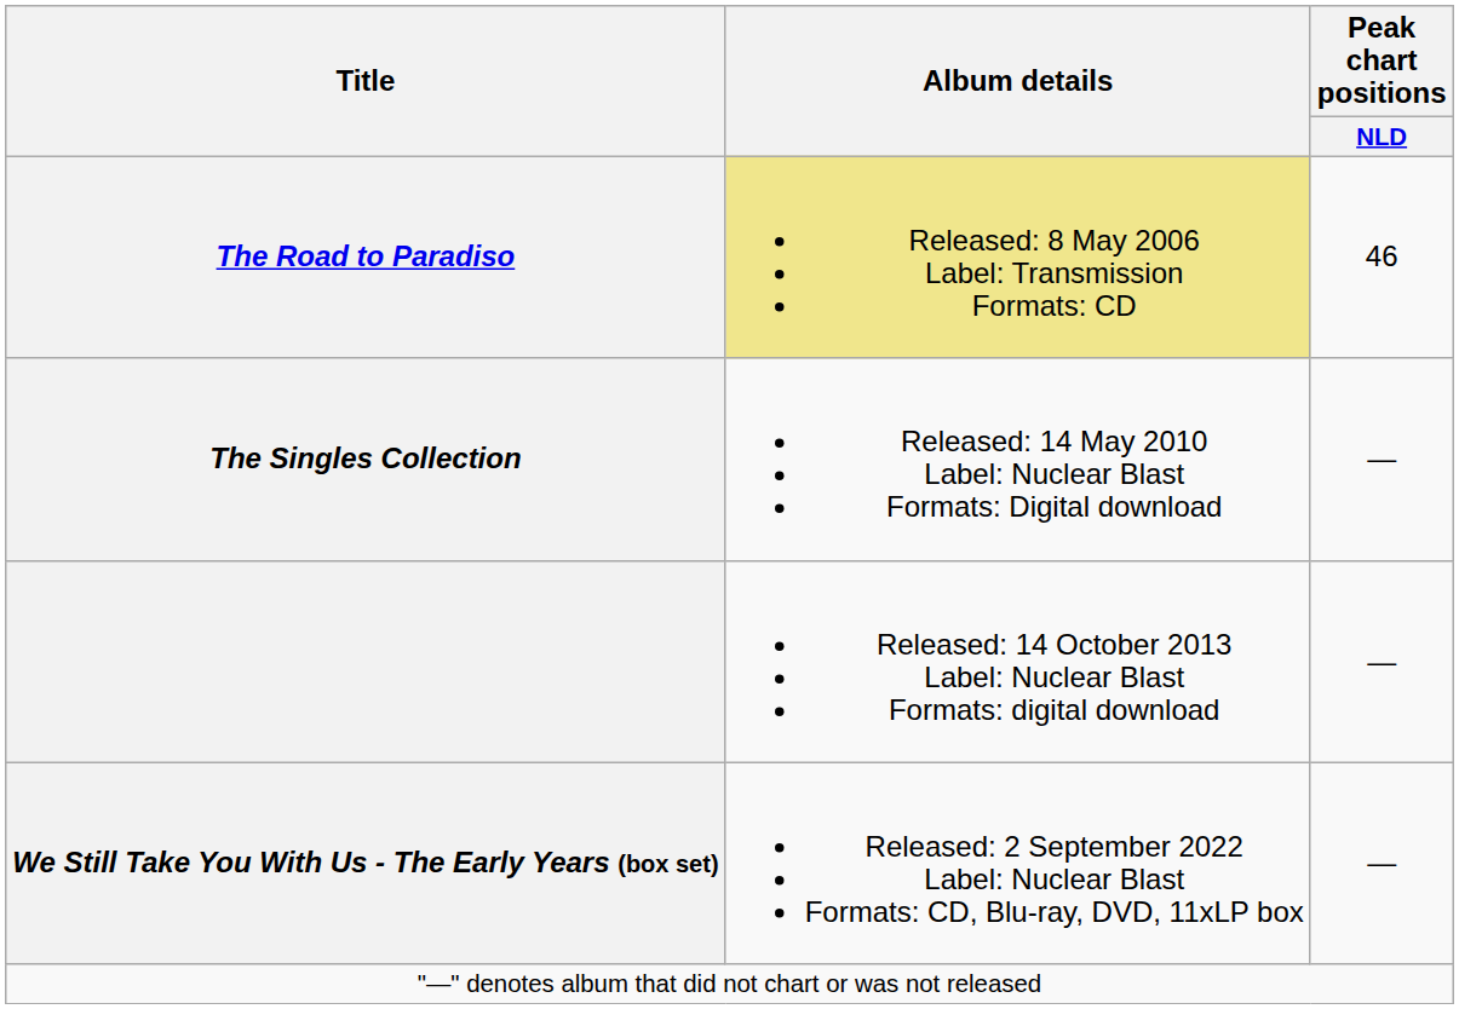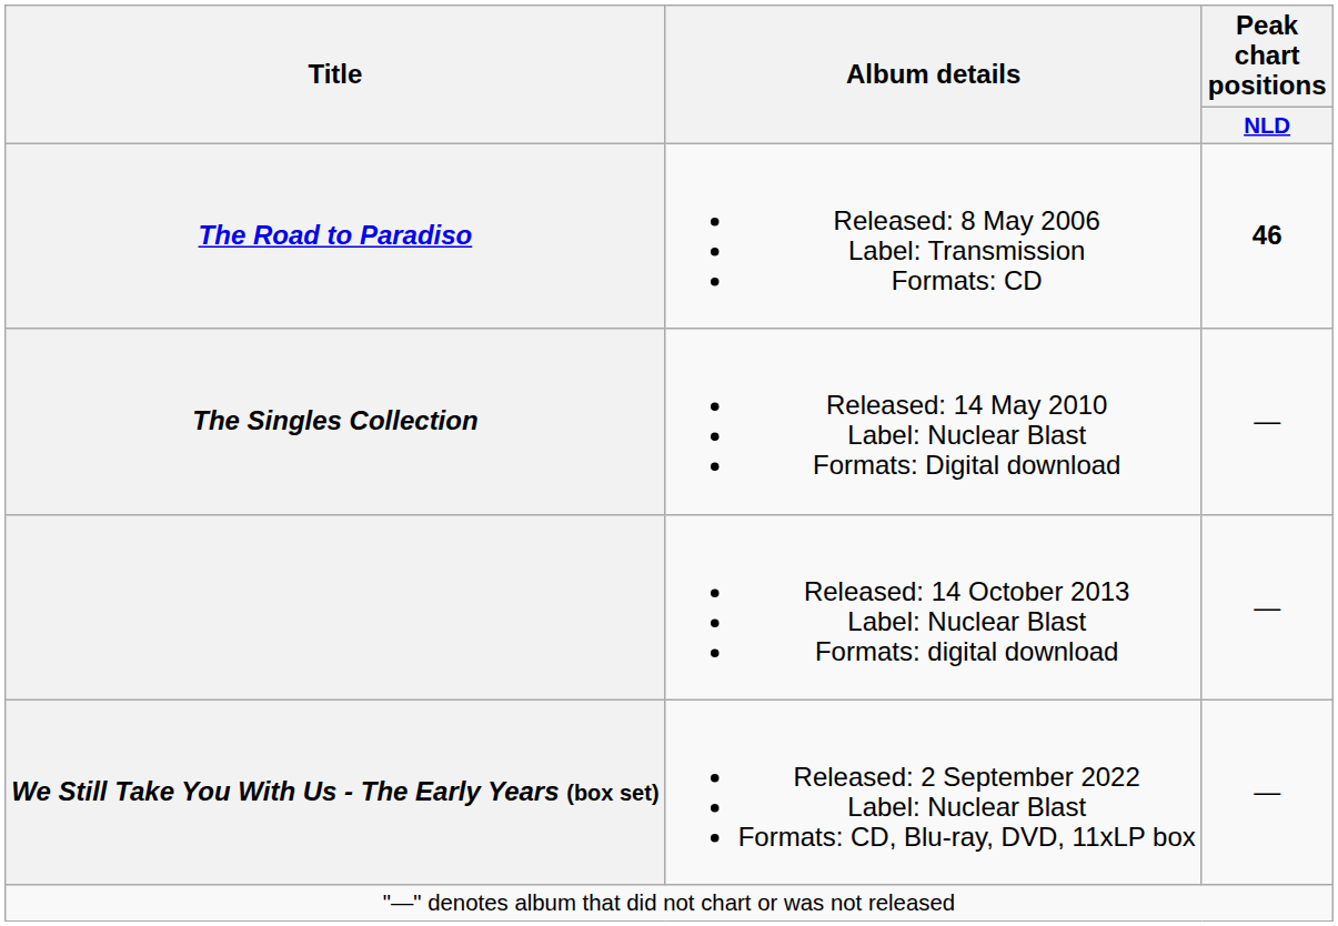 <table class="wikitable plainrowheaders" style="text-align:center;" border="1">
 <tr>
 <th scope="col" rowspan="2">Title</th>
 <th scope="col" rowspan="2">Album details</th>
 <th scope="col" colspan="1">Peak chart positions</th>
 </tr>
 <tr>
 <th scope="col" style="width:3em;font-size:85%;"><a href='#'>NLD</a><br></th>
 </tr>
 <tr>
 <th scope="row"><em><a href='#'>The Road to Paradiso</a></em></th>
-<td style="background: khaki;"><br><ul><li>Released: 8 May 2006</li><li>Label: Transmission</li><li>Formats: CD</li></ul></td>
-<td>46</td>
+<td><br><ul><li>Released: 8 May 2006</li><li>Label: Transmission</li><li>Formats: CD</li></ul></td>
+<td><strong>46</strong></td>
 </tr>
 <tr>
 <th scope="row"><em>The Singles Collection</em></th>
 <td><br><ul><li>Released: 14 May 2010</li><li>Label: Nuclear Blast</li><li>Formats: Digital download</li></ul></td>
 <td>—</td>
 </tr>
 <tr>
 <th scope="row"><em></em></th>
 <td><br><ul><li>Released: 14 October 2013</li><li>Label: Nuclear Blast</li><li>Formats: digital download</li></ul></td>
 <td>—</td>
 </tr>
 <tr>
 <th scope="row"><em>We Still Take You With Us - The Early Years</em> <small>(box set)</small></th>
 <td><br><ul><li>Released: 2 September 2022</li><li>Label: Nuclear Blast</li><li>Formats: CD, Blu-ray, DVD, 11xLP box</li></ul></td>
 <td>—</td>
 </tr>
 <tr>
 <td colspan="15" style="font-size:85%">"—" denotes album that did not chart or was not released</td>
 </tr>
 </table>
